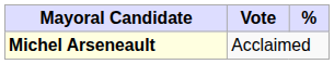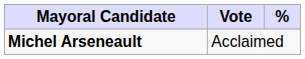 <table class="wikitable">
 <tr>
 <th style="background:#ddf; width:200px;">Mayoral Candidate</th>
 <th style="background:#ddf; width:50px;">Vote</th>
 <th style="background:#ddf; width:30px;">%</th>
 </tr>
 <tr>
-<td style="background: lightyellow;"><strong>Michel Arseneault</strong></td>
+<td><strong>Michel Arseneault</strong></td>
 <td colspan="2">Acclaimed</td>
 </tr>
 </table>
